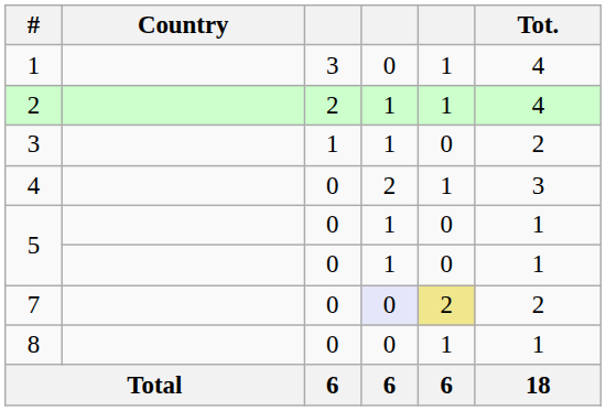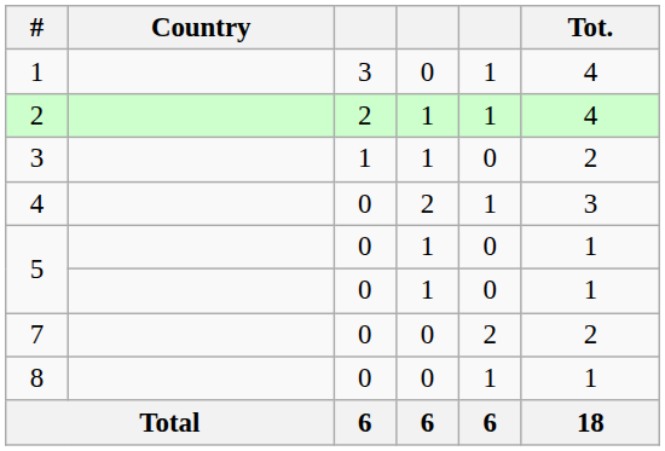 <table class="wikitable" width=30% style="font-size:100%; text-align:center;">
 <tr>
 <th>#</th>
 <th>Country</th>
 <th></th>
 <th></th>
 <th></th>
 <th>Tot.</th>
 </tr>
 <tr>
 <td>1</td>
 <td align=left></td>
 <td>3</td>
 <td>0</td>
 <td>1</td>
 <td>4</td>
 </tr>
 <tr style="background:#ccffcc;">
 <td>2</td>
 <td align=left></td>
 <td>2</td>
 <td>1</td>
 <td>1</td>
 <td>4</td>
 </tr>
 <tr>
 <td>3</td>
 <td align=left></td>
 <td>1</td>
 <td>1</td>
 <td>0</td>
 <td>2</td>
 </tr>
 <tr>
 <td>4</td>
 <td align=left></td>
 <td>0</td>
 <td>2</td>
 <td>1</td>
 <td>3</td>
 </tr>
 <tr>
 <td rowspan=2>5</td>
 <td align=left></td>
 <td>0</td>
 <td>1</td>
 <td>0</td>
 <td>1</td>
 </tr>
 <tr>
 <td align=left></td>
 <td>0</td>
 <td>1</td>
 <td>0</td>
 <td>1</td>
 </tr>
 <tr>
 <td>7</td>
 <td align=left></td>
 <td>0</td>
-<td style="background: lavender;">0</td>
-<td style="background: khaki;">2</td>
+<td>0</td>
+<td>2</td>
 <td>2</td>
 </tr>
 <tr>
 <td>8</td>
 <td align=left></td>
 <td>0</td>
 <td>0</td>
 <td>1</td>
 <td>1</td>
 </tr>
 <tr class="sortbottom">
 <th colspan=2>Total</th>
 <th>6</th>
 <th>6</th>
 <th>6</th>
 <th>18</th>
 </tr>
 </table>
